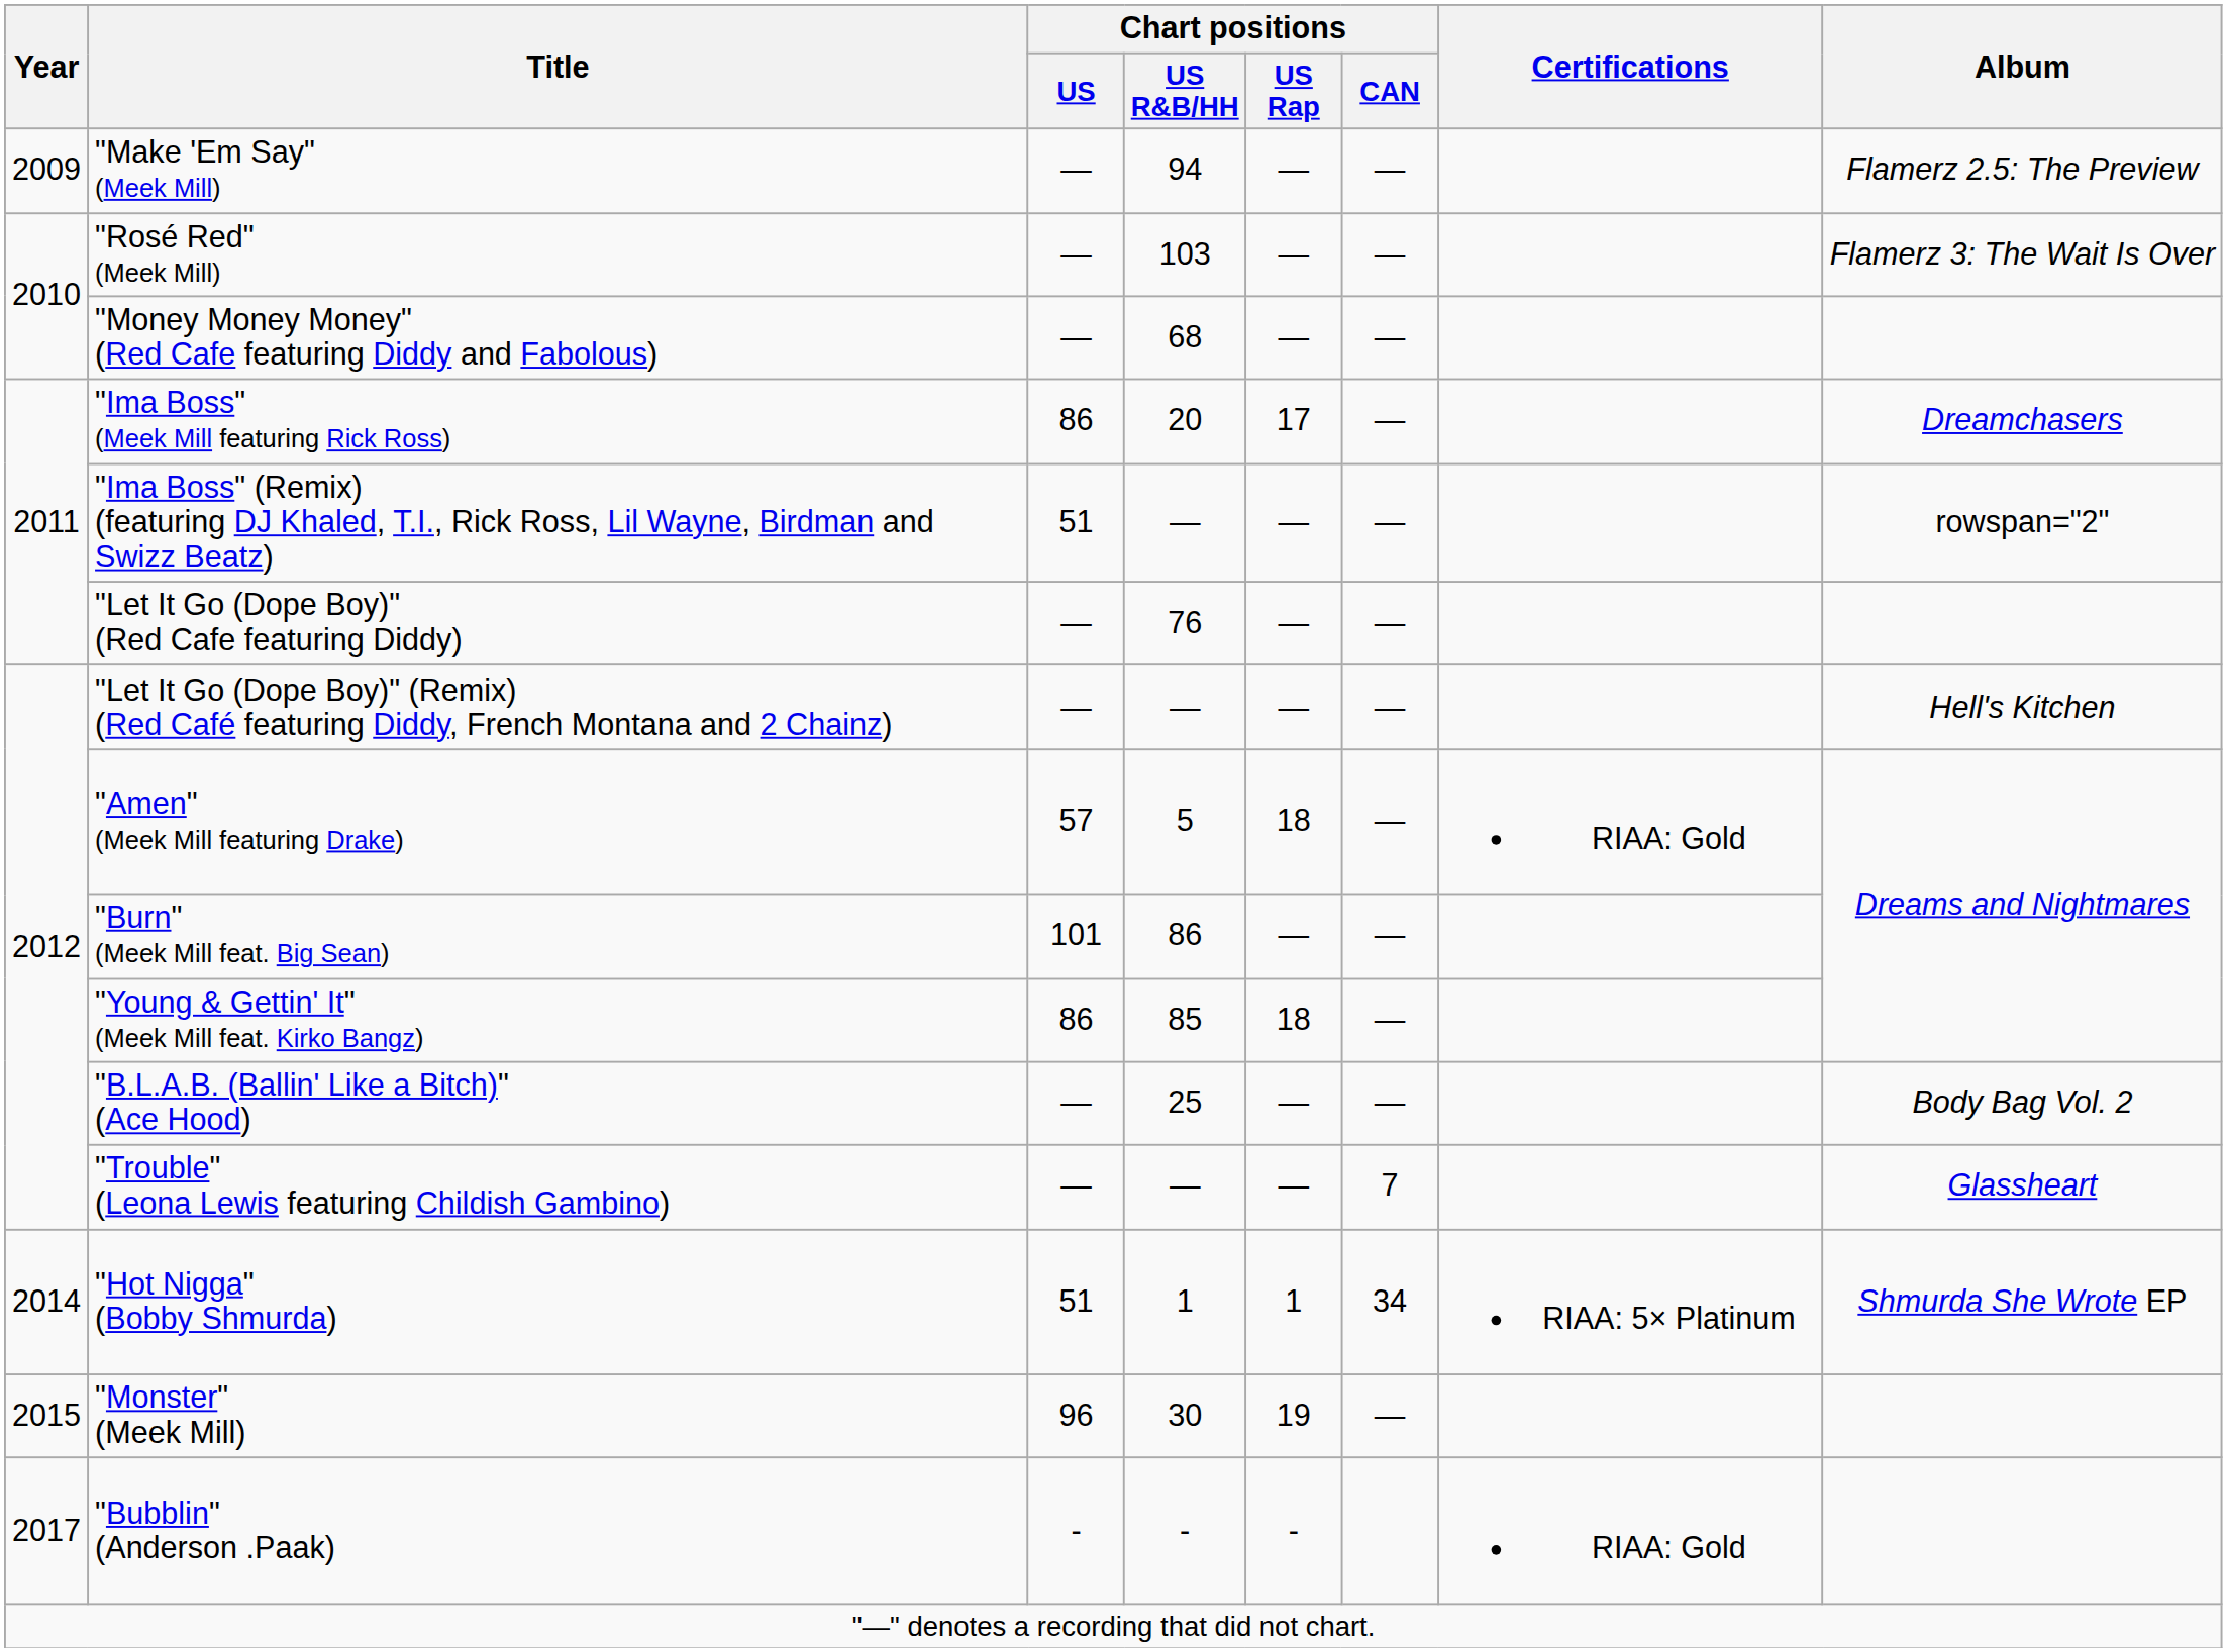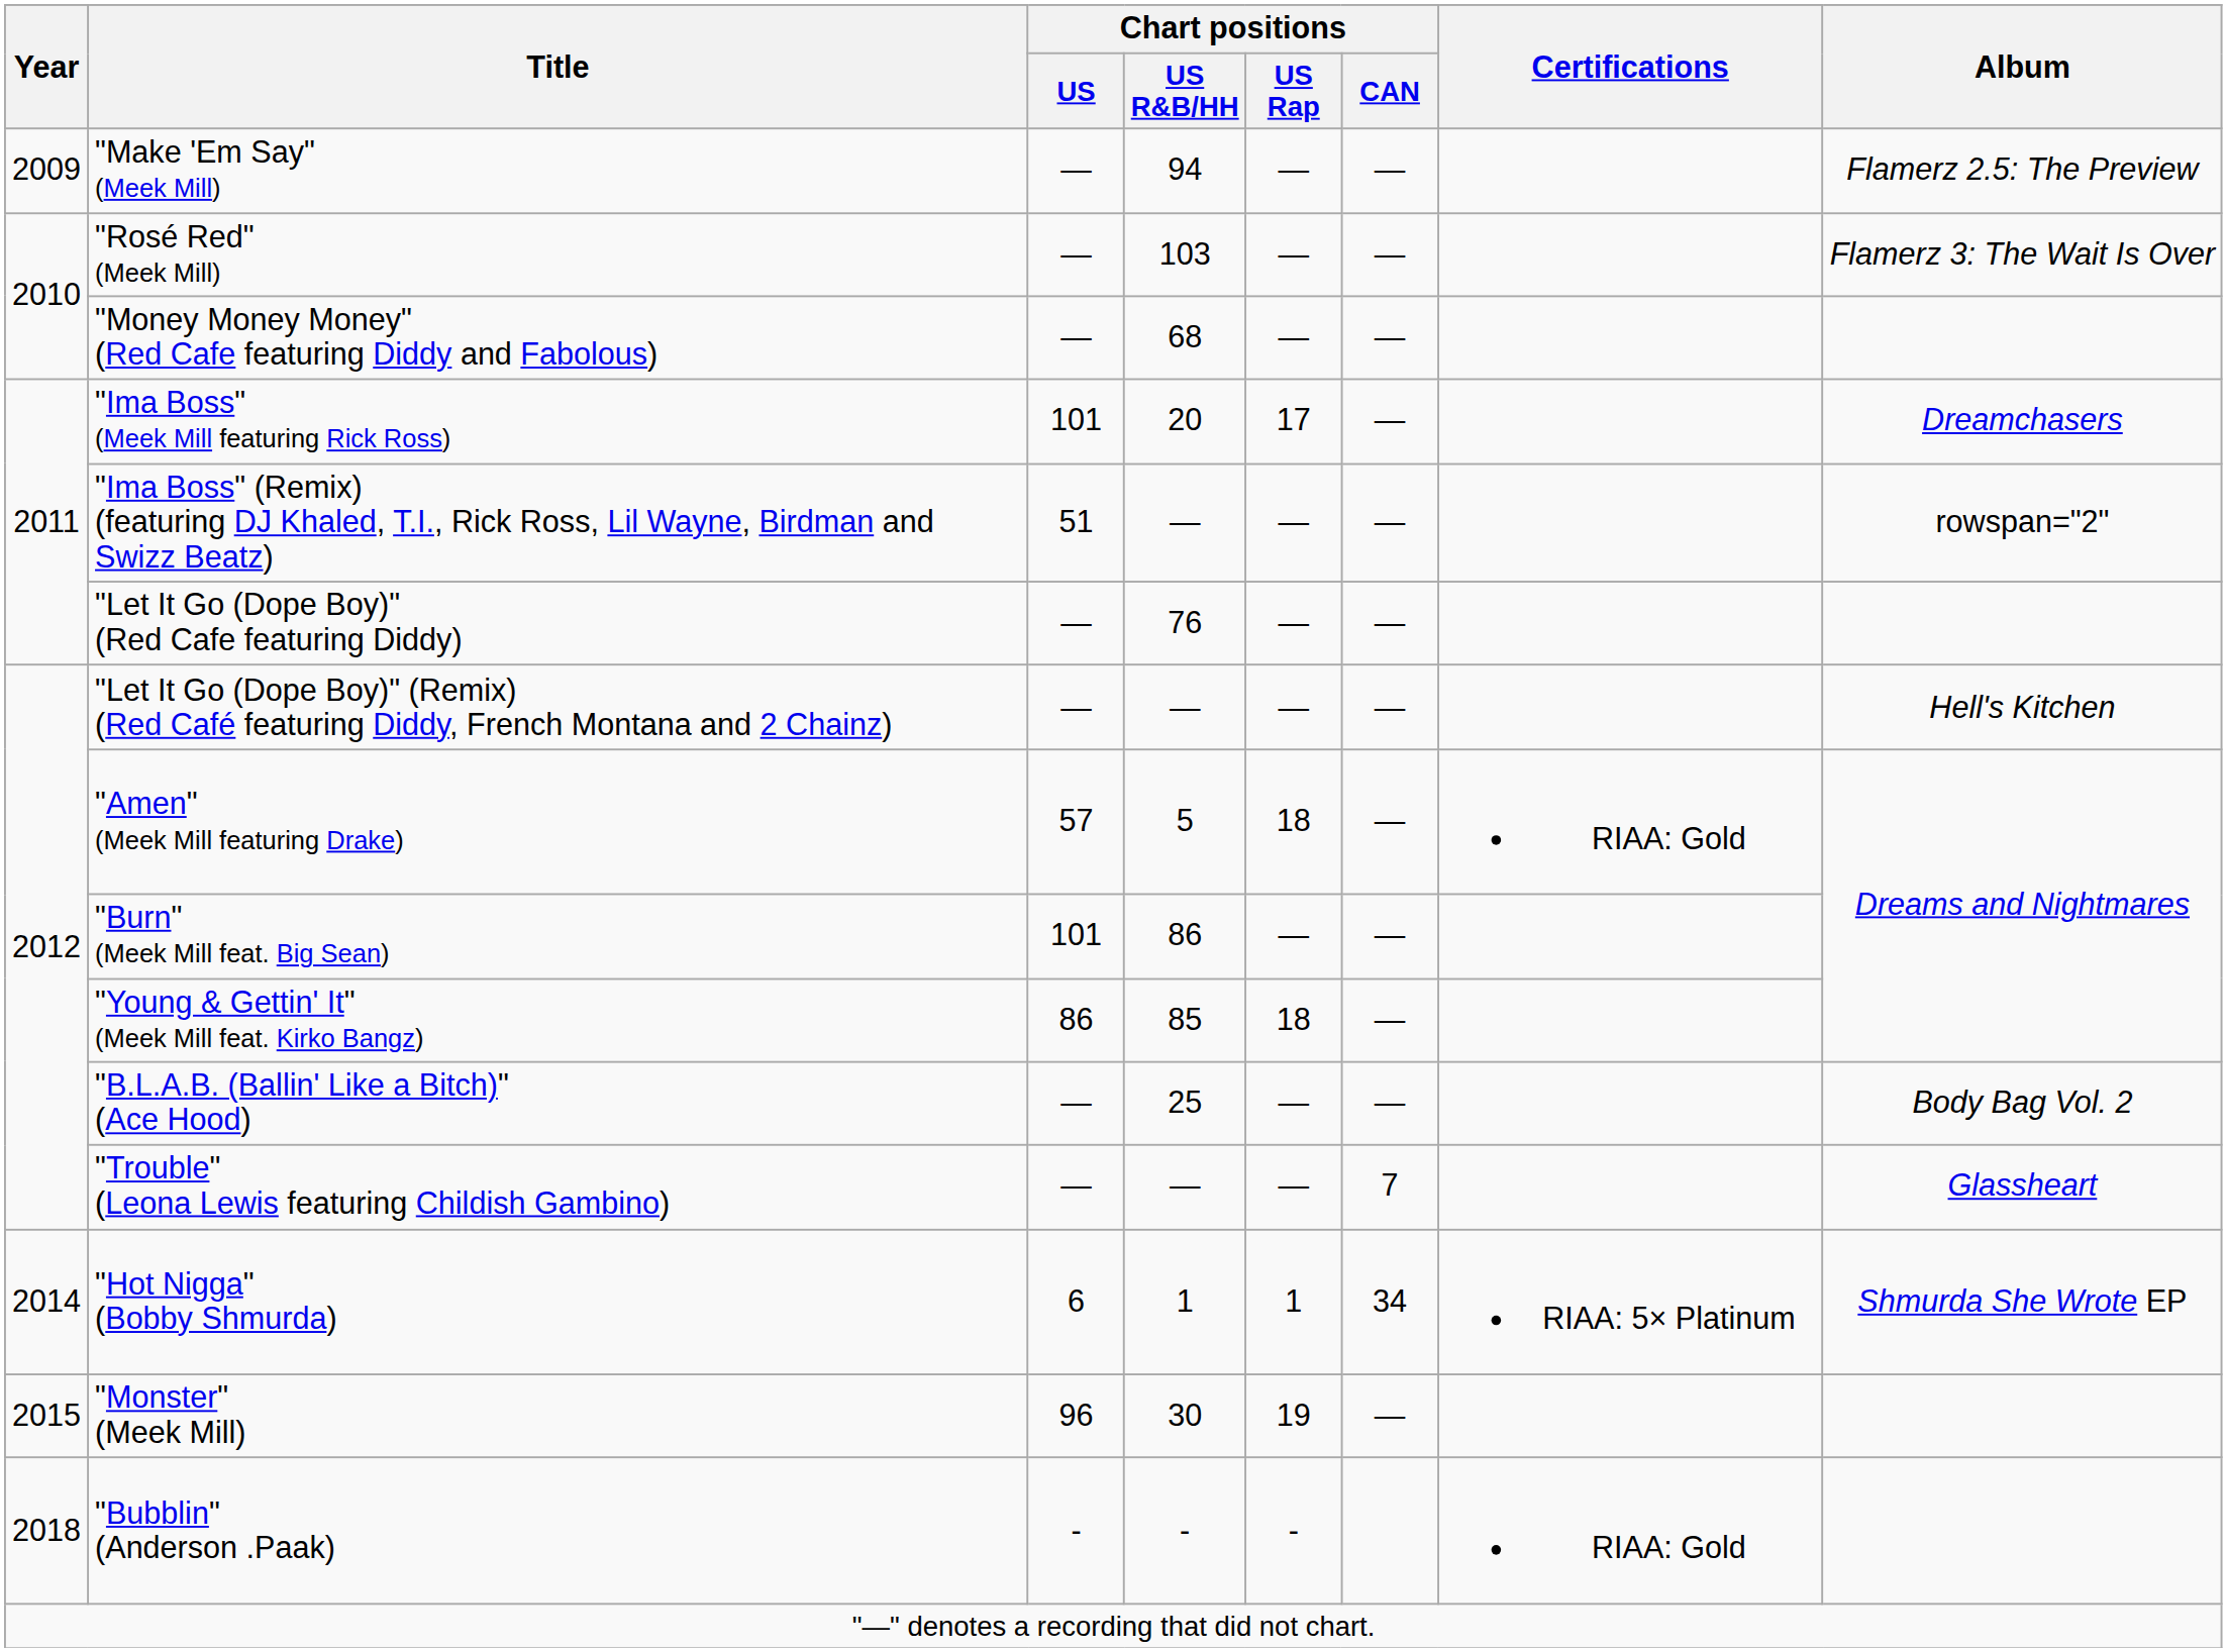 <table class="wikitable plainrowheaders" style="text-align:center;">
 <tr>
 <th scope="col" rowspan="2">Year</th>
 <th scope="col" rowspan="2" style="width:30em;">Title</th>
 <th scope="col" colspan="4">Chart positions</th>
 <th scope="col" rowspan="2" style="width:12em;"><a href='#'>Certifications</a></th>
 <th scope="col" rowspan="2">Album</th>
 </tr>
 <tr>
 <th scope="col" style="width:3em;font-size:90%;"><a href='#'>US</a></th>
 <th scope="col" style="width:3em;font-size:90%;"><a href='#'>US R&B/HH</a></th>
 <th scope="col" style="width:3em;font-size:90%;"><a href='#'>US Rap</a></th>
 <th scope="col" style="width:3em;font-size:90%;"><a href='#'>CAN</a></th>
 </tr>
 <tr>
 <td>2009</td>
 <td align="left">"Make 'Em Say"<br><small>(<a href='#'>Meek Mill</a>)</small></td>
 <td>—</td>
 <td>94</td>
 <td>—</td>
 <td>—</td>
 <td></td>
 <td><em>Flamerz 2.5: The Preview</em></td>
 </tr>
 <tr>
 <td rowspan="2">2010</td>
 <td align="left">"Rosé Red" <br><small>(Meek Mill)</small></td>
 <td>—</td>
 <td>103</td>
 <td>—</td>
 <td>—</td>
 <td></td>
 <td><em>Flamerz 3: The Wait Is Over</em></td>
 </tr>
 <tr>
 <td align="left">"Money Money Money"<br><span>(<a href='#'>Red Cafe</a> featuring <a href='#'>Diddy</a> and <a href='#'>Fabolous</a>)</span></td>
 <td>—</td>
 <td>68</td>
 <td>—</td>
 <td>—</td>
 <td></td>
 <td></td>
 </tr>
 <tr>
 <td rowspan="3">2011</td>
 <td align="left">"<a href='#'>Ima Boss</a>"<br><small>(<a href='#'>Meek Mill</a> featuring <a href='#'>Rick Ross</a>)</small></td>
-<td>86</td>
+<td>101</td>
 <td>20</td>
 <td>17</td>
 <td>—</td>
 <td></td>
 <td><em><a href='#'>Dreamchasers</a></em></td>
 </tr>
 <tr>
 <td align="left">"<a href='#'>Ima Boss</a>" (Remix)<br><span>(featuring <a href='#'>DJ Khaled</a>, <a href='#'>T.I.</a>, Rick Ross, <a href='#'>Lil Wayne</a>, <a href='#'>Birdman</a> and <a href='#'>Swizz Beatz</a>)</span></td>
 <td>51</td>
 <td>—</td>
 <td>—</td>
 <td>—</td>
 <td></td>
 <td>rowspan="2" </td>
 </tr>
 <tr>
 <td align="left">"Let It Go (Dope Boy)"<br><span>(Red Cafe featuring Diddy)</span></td>
 <td>—</td>
 <td>76</td>
 <td>—</td>
 <td>—</td>
 <td></td>
 </tr>
 <tr>
 <td rowspan="6">2012</td>
 <td align="left">"Let It Go (Dope Boy)" (Remix)<br><span>(<a href='#'>Red Café</a> featuring <a href='#'>Diddy</a>, French Montana and <a href='#'>2 Chainz</a>)</span></td>
 <td>—</td>
 <td>—</td>
 <td>—</td>
 <td>—</td>
 <td></td>
 <td><em>Hell's Kitchen</em></td>
 </tr>
 <tr>
 <td align="left">"<a href='#'>Amen</a>"<br><small>(Meek Mill featuring <a href='#'>Drake</a>)</small></td>
 <td>57</td>
 <td>5</td>
 <td>18</td>
 <td>—</td>
 <td><br><ul><li>RIAA: Gold</li></ul></td>
 <td rowspan="3"><em><a href='#'>Dreams and Nightmares</a></em></td>
 </tr>
 <tr>
 <td align="left">"<a href='#'>Burn</a>"<br><small>(Meek Mill feat. <a href='#'>Big Sean</a>)</small></td>
 <td>101</td>
 <td>86</td>
 <td>—</td>
 <td>—</td>
 <td></td>
 </tr>
 <tr>
 <td align="left">"<a href='#'>Young & Gettin' It</a>"<br><small>(Meek Mill feat. <a href='#'>Kirko Bangz</a>)</small></td>
 <td>86</td>
 <td>85</td>
 <td>18</td>
 <td>—</td>
 <td></td>
 </tr>
 <tr>
 <td align="left">"<a href='#'>B.L.A.B. (Ballin' Like a Bitch)</a>" <br><span>(<a href='#'>Ace Hood</a>)</span></td>
 <td>—</td>
 <td>25</td>
 <td>—</td>
 <td>—</td>
 <td></td>
 <td><em>Body Bag Vol. 2</em></td>
 </tr>
 <tr>
 <td align="left">"<a href='#'>Trouble</a>"<br><span>(<a href='#'>Leona Lewis</a> featuring <a href='#'>Childish Gambino</a>)</span></td>
 <td>—</td>
 <td>—</td>
 <td>—</td>
 <td>7</td>
 <td></td>
 <td><em><a href='#'>Glassheart</a></em></td>
 </tr>
 <tr>
 <td>2014</td>
 <td align="left">"<a href='#'>Hot Nigga</a>" <br><span>(<a href='#'>Bobby Shmurda</a>)</span></td>
-<td>51</td>
+<td>6</td>
 <td>1</td>
 <td>1</td>
 <td>34</td>
 <td><br><ul><li>RIAA: 5× Platinum</li></ul></td>
 <td><em><a href='#'>Shmurda She Wrote</a></em> EP</td>
 </tr>
 <tr>
 <td>2015</td>
 <td align="left">"<a href='#'>Monster</a>" <br><span>(Meek Mill)</span></td>
 <td>96</td>
 <td>30</td>
 <td>19</td>
 <td>—</td>
 <td></td>
 <td></td>
 </tr>
 <tr>
-<td>2017</td>
+<td>2018</td>
 <td align="left">"<a href='#'>Bubblin</a>" <br><span>(Anderson .Paak)</span></td>
 <td>-</td>
 <td>-</td>
 <td>-</td>
 <td -></td>
 <td><br><ul><li>RIAA: Gold</li></ul></td>
 <td></td>
 </tr>
 <tr>
 <td colspan="8" style="font-size:90%">"—" denotes a recording that did not chart.</td>
 </tr>
 </table>
